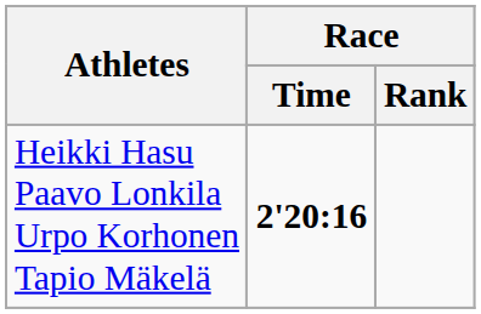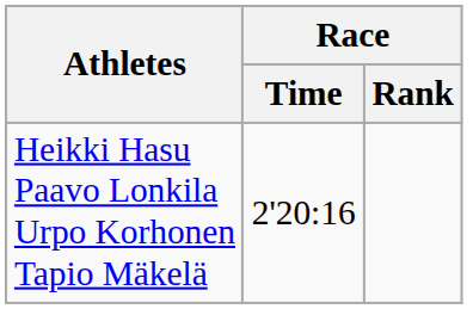 <table class="wikitable" border="1" style="font-size:90%">
 <tr>
 <th rowspan=2>Athletes</th>
 <th colspan=2>Race</th>
 </tr>
 <tr>
 <th>Time</th>
 <th>Rank</th>
 </tr>
 <tr>
 <td><a href='#'>Heikki Hasu</a><br><a href='#'>Paavo Lonkila</a><br><a href='#'>Urpo Korhonen</a><br><a href='#'>Tapio Mäkelä</a></td>
-<td align=center><strong>2'20:16</strong></td>
+<td align=center>2'20:16</td>
 <td align=center></td>
 </tr>
 </table>
